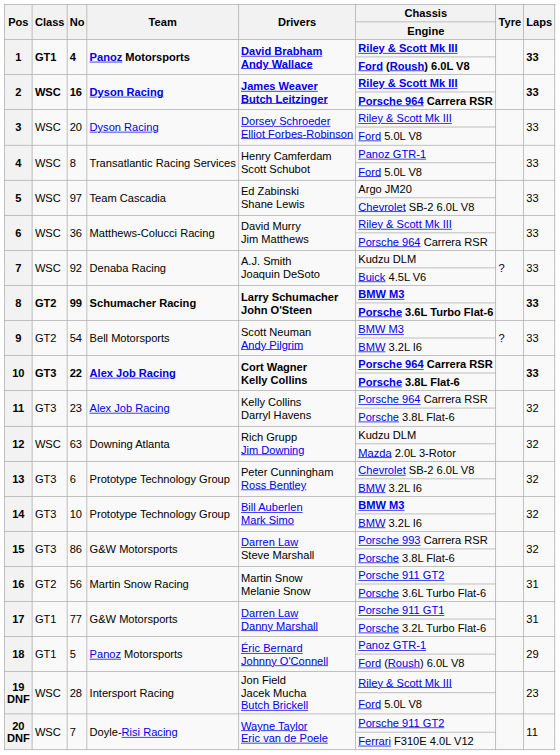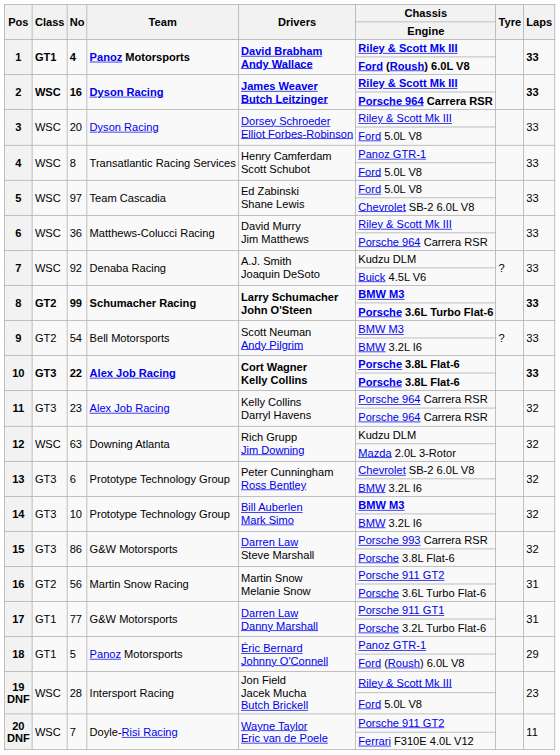 <table class="wikitable" style="font-size: 95%;">
 <tr>
 <th rowspan=2>Pos</th>
 <th rowspan=2>Class</th>
 <th rowspan=2>No</th>
 <th rowspan=2>Team</th>
 <th rowspan=2>Drivers</th>
 <th>Chassis</th>
 <th rowspan=2>Tyre</th>
 <th rowspan=2>Laps</th>
 </tr>
 <tr>
 <th>Engine</th>
 </tr>
 <tr style="font-weight:bold">
 <th rowspan=2>1</th>
 <td rowspan=2>GT1</td>
 <td rowspan=2>4</td>
 <td rowspan=2> <a href='#'>Panoz</a> Motorsports</td>
 <td rowspan=2> <a href='#'>David Brabham</a><br> <a href='#'>Andy Wallace</a></td>
 <td><a href='#'>Riley & Scott Mk III</a></td>
 <td rowspan=2></td>
 <td rowspan=2>33</td>
 </tr>
 <tr style="font-weight:bold">
 <td><a href='#'>Ford</a> (<a href='#'>Roush</a>) 6.0L V8</td>
 </tr>
 <tr style="font-weight:bold">
 <th rowspan=2>2</th>
 <td rowspan=2>WSC</td>
 <td rowspan=2>16</td>
 <td rowspan=2> <a href='#'>Dyson Racing</a></td>
 <td rowspan=2> <a href='#'>James Weaver</a><br> <a href='#'>Butch Leitzinger</a></td>
 <td><a href='#'>Riley & Scott Mk III</a></td>
 <td rowspan=2></td>
 <td rowspan=2>33</td>
 </tr>
 <tr style="font-weight:bold">
 <td><a href='#'>Porsche 964</a> Carrera RSR</td>
 </tr>
 <tr>
 <th rowspan=2>3</th>
 <td rowspan=2>WSC</td>
 <td rowspan=2>20</td>
 <td rowspan=2> <a href='#'>Dyson Racing</a></td>
 <td rowspan=2> <a href='#'>Dorsey Schroeder</a><br> <a href='#'>Elliot Forbes-Robinson</a></td>
 <td><a href='#'>Riley & Scott Mk III</a></td>
 <td rowspan=2></td>
 <td rowspan=2>33</td>
 </tr>
 <tr>
 <td><a href='#'>Ford</a> 5.0L V8</td>
 </tr>
 <tr>
 <th rowspan=2>4</th>
 <td rowspan=2>WSC</td>
 <td rowspan=2>8</td>
 <td rowspan=2> Transatlantic Racing Services</td>
 <td rowspan=2> Henry Camferdam<br> Scott Schubot</td>
 <td><a href='#'>Panoz GTR-1</a></td>
 <td rowspan=2></td>
 <td rowspan=2>33</td>
 </tr>
 <tr>
 <td><a href='#'>Ford</a> 5.0L V8</td>
 </tr>
 <tr>
 <th rowspan=2>5</th>
 <td rowspan=2>WSC</td>
 <td rowspan=2>97</td>
 <td rowspan=2> Team Cascadia</td>
 <td rowspan=2> Ed Zabinski<br> Shane Lewis</td>
-<td>Argo JM20</td>
+<td><a href='#'>Ford</a> 5.0L V8</td>
 <td rowspan=2></td>
 <td rowspan=2>33</td>
 </tr>
 <tr>
 <td><a href='#'>Chevrolet</a> SB-2 6.0L V8</td>
 </tr>
 <tr>
 <th rowspan=2>6</th>
 <td rowspan=2>WSC</td>
 <td rowspan=2>36</td>
 <td rowspan=2> Matthews-Colucci Racing</td>
 <td rowspan=2> David Murry<br> Jim Matthews</td>
 <td><a href='#'>Riley & Scott Mk III</a></td>
 <td rowspan=2></td>
 <td rowspan=2>33</td>
 </tr>
 <tr>
 <td><a href='#'>Porsche 964</a> Carrera RSR</td>
 </tr>
 <tr>
 <th rowspan=2>7</th>
 <td rowspan=2>WSC</td>
 <td rowspan=2>92</td>
 <td rowspan=2> Denaba Racing</td>
 <td rowspan=2> A.J. Smith<br> Joaquin DeSoto</td>
 <td>Kudzu DLM</td>
 <td rowspan=2>?</td>
 <td rowspan=2>33</td>
 </tr>
 <tr>
 <td><a href='#'>Buick</a> 4.5L V6</td>
 </tr>
 <tr style="font-weight:bold">
 <th rowspan=2>8</th>
 <td rowspan=2>GT2</td>
 <td rowspan=2>99</td>
 <td rowspan=2> Schumacher Racing</td>
 <td rowspan=2> Larry Schumacher<br> John O'Steen</td>
 <td><a href='#'>BMW M3</a></td>
 <td rowspan=2></td>
 <td rowspan=2>33</td>
 </tr>
 <tr style="font-weight:bold">
 <td><a href='#'>Porsche</a> 3.6L Turbo Flat-6</td>
 </tr>
 <tr>
 <th rowspan=2>9</th>
 <td rowspan=2>GT2</td>
 <td rowspan=2>54</td>
 <td rowspan=2> Bell Motorsports</td>
 <td rowspan=2> Scott Neuman<br> <a href='#'>Andy Pilgrim</a></td>
 <td><a href='#'>BMW M3</a></td>
 <td rowspan=2>?</td>
 <td rowspan=2>33</td>
 </tr>
 <tr>
 <td><a href='#'>BMW</a> 3.2L I6</td>
 </tr>
 <tr style="font-weight:bold">
 <th rowspan=2>10</th>
 <td rowspan=2>GT3</td>
 <td rowspan=2>22</td>
 <td rowspan=2> <a href='#'>Alex Job Racing</a></td>
 <td rowspan=2> Cort Wagner<br> Kelly Collins</td>
-<td><a href='#'>Porsche 964</a> Carrera RSR</td>
+<td><a href='#'>Porsche</a> 3.8L Flat-6</td>
 <td rowspan=2></td>
 <td rowspan=2>33</td>
 </tr>
 <tr style="font-weight:bold">
 <td><a href='#'>Porsche</a> 3.8L Flat-6</td>
 </tr>
 <tr>
 <th rowspan=2>11</th>
 <td rowspan=2>GT3</td>
 <td rowspan=2>23</td>
 <td rowspan=2> <a href='#'>Alex Job Racing</a></td>
 <td rowspan=2> Kelly Collins<br> Darryl Havens</td>
 <td><a href='#'>Porsche 964</a> Carrera RSR</td>
 <td rowspan=2></td>
 <td rowspan=2>32</td>
 </tr>
 <tr>
-<td><a href='#'>Porsche</a> 3.8L Flat-6</td>
+<td><a href='#'>Porsche 964</a> Carrera RSR</td>
 </tr>
 <tr>
 <th rowspan=2>12</th>
 <td rowspan=2>WSC</td>
 <td rowspan=2>63</td>
 <td rowspan=2> Downing Atlanta</td>
 <td rowspan=2> Rich Grupp<br> <a href='#'>Jim Downing</a></td>
 <td>Kudzu DLM</td>
 <td rowspan=2></td>
 <td rowspan=2>32</td>
 </tr>
 <tr>
 <td><a href='#'>Mazda</a> 2.0L 3-Rotor</td>
 </tr>
 <tr>
 <th rowspan=2>13</th>
 <td rowspan=2>GT3</td>
 <td rowspan=2>6</td>
 <td rowspan=2> Prototype Technology Group</td>
 <td rowspan=2> Peter Cunningham<br> <a href='#'>Ross Bentley</a></td>
 <td><a href='#'>Chevrolet</a> SB-2 6.0L V8</td>
 <td rowspan=2></td>
 <td rowspan=2>32</td>
 </tr>
 <tr>
 <td><a href='#'>BMW</a> 3.2L I6</td>
 </tr>
 <tr>
 <th rowspan=2>14</th>
 <td rowspan=2>GT3</td>
 <td rowspan=2>10</td>
 <td rowspan=2> Prototype Technology Group</td>
 <td rowspan=2> <a href='#'>Bill Auberlen</a><br> <a href='#'>Mark Simo</a></td>
 <td><strong><a href='#'>BMW M3</a></strong></td>
 <td rowspan=2></td>
 <td rowspan=2>32</td>
 </tr>
 <tr>
 <td><a href='#'>BMW</a> 3.2L I6</td>
 </tr>
 <tr>
 <th rowspan=2>15</th>
 <td rowspan=2>GT3</td>
 <td rowspan=2>86</td>
 <td rowspan=2> G&W Motorsports</td>
 <td rowspan=2> <a href='#'>Darren Law</a><br> Steve Marshall</td>
 <td><a href='#'>Porsche 993</a> Carrera RSR</td>
 <td rowspan=2></td>
 <td rowspan=2>32</td>
 </tr>
 <tr>
 <td><a href='#'>Porsche</a> 3.8L Flat-6</td>
 </tr>
 <tr>
 <th rowspan=2>16</th>
 <td rowspan=2>GT2</td>
 <td rowspan=2>56</td>
 <td rowspan=2> Martin Snow Racing</td>
 <td rowspan=2> Martin Snow<br> Melanie Snow</td>
 <td><a href='#'>Porsche 911 GT2</a></td>
 <td rowspan=2></td>
 <td rowspan=2>31</td>
 </tr>
 <tr>
 <td><a href='#'>Porsche</a> 3.6L Turbo Flat-6</td>
 </tr>
 <tr>
 <th rowspan=2>17</th>
 <td rowspan=2>GT1</td>
 <td rowspan=2>77</td>
 <td rowspan=2> G&W Motorsports</td>
 <td rowspan=2> <a href='#'>Darren Law</a><br> <a href='#'>Danny Marshall</a></td>
 <td><a href='#'>Porsche 911 GT1</a></td>
 <td rowspan=2></td>
 <td rowspan=2>31</td>
 </tr>
 <tr>
 <td><a href='#'>Porsche</a> 3.2L Turbo Flat-6</td>
 </tr>
 <tr>
 <th rowspan=2>18</th>
 <td rowspan=2>GT1</td>
 <td rowspan=2>5</td>
 <td rowspan=2> <a href='#'>Panoz</a> Motorsports</td>
 <td rowspan=2> <a href='#'>Éric Bernard</a><br> <a href='#'>Johnny O'Connell</a></td>
 <td><a href='#'>Panoz GTR-1</a></td>
 <td rowspan=2></td>
 <td rowspan=2>29</td>
 </tr>
 <tr>
 <td><a href='#'>Ford</a> (<a href='#'>Roush</a>) 6.0L V8</td>
 </tr>
 <tr>
 <th rowspan=2>19<br>DNF</th>
 <td rowspan=2>WSC</td>
 <td rowspan=2>28</td>
 <td rowspan=2> Intersport Racing</td>
 <td rowspan=2> Jon Field<br> Jacek Mucha<br> <a href='#'>Butch Brickell</a></td>
 <td><a href='#'>Riley & Scott Mk III</a></td>
 <td rowspan=2></td>
 <td rowspan=2>23</td>
 </tr>
 <tr>
 <td><a href='#'>Ford</a> 5.0L V8</td>
 </tr>
 <tr>
 <th rowspan=2>20<br>DNF</th>
 <td rowspan=2>WSC</td>
 <td rowspan=2>7</td>
 <td rowspan=2> Doyle-<a href='#'>Risi Racing</a></td>
 <td rowspan=2> <a href='#'>Wayne Taylor</a><br> <a href='#'>Eric van de Poele</a></td>
 <td><a href='#'>Porsche 911 GT2</a></td>
 <td rowspan=2></td>
 <td rowspan=2>11</td>
 </tr>
 <tr>
 <td><a href='#'>Ferrari</a> F310E 4.0L V12</td>
 </tr>
 </table>
